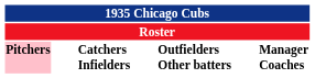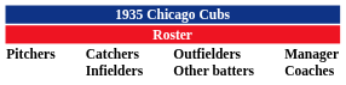 <table class="toccolours" style="font-size: 95%;">
 <tr>
 <th colspan="10" style="background-color: #0e3386; color: white; text-align: center;">1935 Chicago Cubs</th>
 </tr>
 <tr>
 <td colspan="10" style="background-color: #EE1422; color: white; text-align: center;"><strong>Roster</strong></td>
 </tr>
 <tr>
-<td valign="top" style="background: pink;"><strong>Pitchers</strong><br>          </td>
+<td valign="top"><strong>Pitchers</strong><br>          </td>
 <td width="25px"></td>
 <td valign="top"><strong>Catchers</strong><br>   <strong>Infielders</strong>      </td>
 <td width="25px"></td>
 <td valign="top"><strong>Outfielders</strong><br>      <strong>Other batters</strong> </td>
 <td width="25px"></td>
 <td valign="top"><strong>Manager</strong><br> <strong>Coaches</strong>  </td>
 </tr>
 </table>
